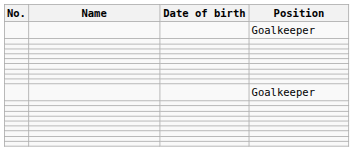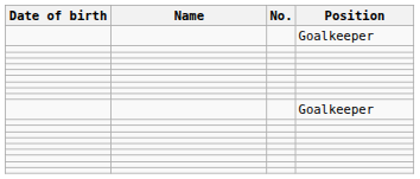 <table class="wikitable sortable" style=font-size:100%; text-align:center;>
 <tr>
+<th style=width:8em>Date of birth</th>
+<th style=width:12em>Name</th>
 <th>No.</th>
-<th style=width:12em>Name</th>
-<th style=width:8em>Date of birth</th>
 <th style=width:9em>Position</th>
 </tr>
 <tr>
+<td align=right></td>
+<td align=left></td>
 <td></td>
-<td align=left></td>
-<td align=right></td>
 <td>Goalkeeper</td>
 </tr>
 <tr>
+<td align=right></td>
+<td align=left></td>
 <td></td>
-<td align=left></td>
-<td align=right></td>
 <td></td>
 </tr>
 <tr>
+<td align=right></td>
+<td align=left></td>
 <td></td>
-<td align=left></td>
-<td align=right></td>
 <td></td>
 </tr>
 <tr>
+<td align=right></td>
+<td align=left></td>
 <td></td>
-<td align=left></td>
-<td align=right></td>
 <td></td>
 </tr>
 <tr>
+<td align=right></td>
+<td align=left></td>
 <td></td>
-<td align=left></td>
-<td align=right></td>
 <td></td>
 </tr>
 <tr>
+<td align=right></td>
+<td align=left></td>
 <td></td>
-<td align=left></td>
-<td align=right></td>
 <td></td>
 </tr>
 <tr>
+<td align=right></td>
+<td align=left></td>
 <td></td>
-<td align=left></td>
-<td align=right></td>
 <td></td>
 </tr>
 <tr>
+<td align=right></td>
+<td align=left></td>
 <td></td>
-<td align=left></td>
-<td align=right></td>
 <td></td>
 </tr>
 <tr>
+<td align=right></td>
+<td align=left></td>
 <td></td>
-<td align=left></td>
-<td align=right></td>
 <td></td>
 </tr>
 <tr>
+<td align=right></td>
+<td align=left></td>
 <td></td>
-<td align=left></td>
-<td align=right></td>
 <td></td>
 </tr>
 <tr>
+<td align=right></td>
+<td align=left></td>
 <td></td>
-<td align=left></td>
-<td align=right></td>
 <td>Goalkeeper</td>
 </tr>
 <tr>
+<td align=right></td>
+<td align=left></td>
 <td></td>
-<td align=left></td>
-<td align=right></td>
 <td></td>
 </tr>
 <tr>
+<td align=right></td>
+<td align=left></td>
 <td></td>
-<td align=left></td>
-<td align=right></td>
 <td></td>
 </tr>
 <tr>
+<td align=right></td>
+<td align=left></td>
 <td></td>
-<td align=left></td>
-<td align=right></td>
 <td></td>
 </tr>
 <tr>
+<td align=right></td>
+<td align=left></td>
 <td></td>
-<td align=left></td>
-<td align=right></td>
 <td></td>
 </tr>
 <tr>
+<td align=right></td>
+<td align=left></td>
 <td></td>
-<td align=left></td>
-<td align=right></td>
 <td></td>
 </tr>
 <tr>
+<td align=right></td>
+<td align=left></td>
 <td></td>
-<td align=left></td>
-<td align=right></td>
 <td></td>
 </tr>
 <tr>
+<td align=right></td>
+<td align=left></td>
 <td></td>
-<td align=left></td>
-<td align=right></td>
 <td></td>
 </tr>
 <tr>
+<td align=right></td>
+<td align=left></td>
 <td></td>
-<td align=left></td>
-<td align=right></td>
 <td></td>
 </tr>
 <tr>
+<td align=right></td>
+<td align=left></td>
 <td></td>
-<td align=left></td>
-<td align=right></td>
 <td></td>
 </tr>
 </table>
